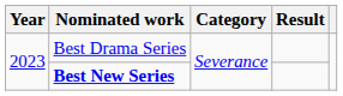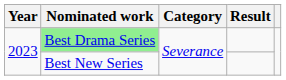 <table class="wikitable">
 <tr>
 <th scope="col" style="width:1em;">Year</th>
 <th scope="col">Nominated work</th>
 <th scope="col">Category</th>
 <th scope="col">Result</th>
 <th scope="col"></th>
 </tr>
 <tr>
 <td style="text-align:center;", rowspan="2"><a href='#'>2023</a></td>
-<td><a href='#'>Best Drama Series</a></td>
+<td style="background: lightgreen;"><a href='#'>Best Drama Series</a></td>
 <td rowspan="2"><a href='#'> <em>Severance</em></a></td>
 <td></td>
 <td style="text-align:center;", rowspan="2"></td>
 </tr>
 <tr>
-<td><strong><a href='#'>Best New Series</a></strong></td>
+<td><a href='#'>Best New Series</a></td>
 <td></td>
 </tr>
 </table>
